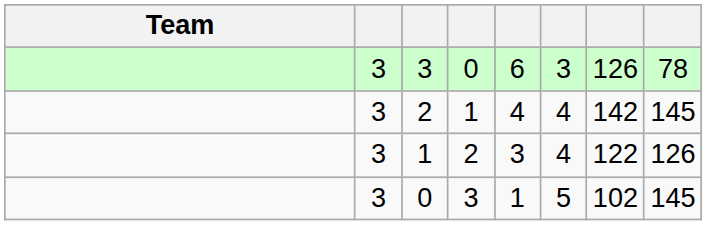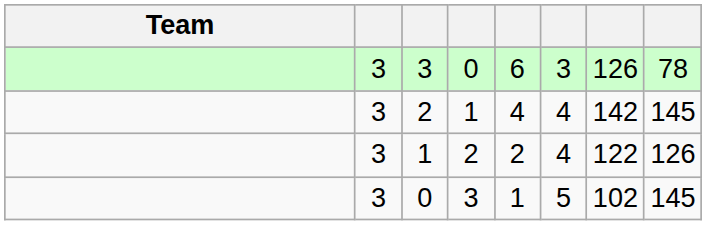 <table class="wikitable" style="text-align:center;">
 <tr>
 <th width=200>Team</th>
 <th width=20></th>
 <th width=20></th>
 <th width=20></th>
 <th width=20></th>
 <th width=20></th>
 <th width=20></th>
 <th width=20></th>
 </tr>
 <tr bgcolor="#ccffcc">
 <td align=left></td>
 <td>3</td>
 <td>3</td>
 <td>0</td>
 <td>6</td>
 <td>3</td>
 <td>126</td>
 <td>78</td>
 </tr>
 <tr>
 <td align=left></td>
 <td>3</td>
 <td>2</td>
 <td>1</td>
 <td>4</td>
 <td>4</td>
 <td>142</td>
 <td>145</td>
 </tr>
 <tr>
 <td align=left></td>
 <td>3</td>
 <td>1</td>
 <td>2</td>
-<td>3</td>
+<td>2</td>
 <td>4</td>
 <td>122</td>
 <td>126</td>
 </tr>
 <tr>
 <td align=left></td>
 <td>3</td>
 <td>0</td>
 <td>3</td>
 <td>1</td>
 <td>5</td>
 <td>102</td>
 <td>145</td>
 </tr>
 </table>
